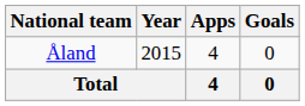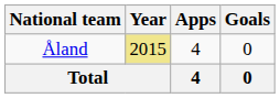 <table class="wikitable" style="text-align:center">
 <tr>
 <th>National team</th>
 <th>Year</th>
 <th>Apps</th>
 <th>Goals</th>
 </tr>
 <tr>
 <td><a href='#'>Åland</a></td>
-<td>2015</td>
+<td style="background: khaki;">2015</td>
 <td>4</td>
 <td>0</td>
 </tr>
 <tr>
 <th colspan=2>Total</th>
 <th>4</th>
 <th>0</th>
 </tr>
 </table>
